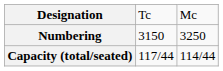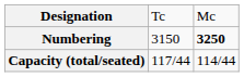 <table class="wikitable">
 <tr>
 <th>Designation</th>
 <td>Tc</td>
 <td>Mc</td>
 </tr>
 <tr>
 <th>Numbering</th>
 <td>3150</td>
-<td>3250</td>
+<td><strong>3250</strong></td>
 </tr>
 <tr>
 <th>Capacity (total/seated)</th>
 <td>117/44</td>
 <td>114/44</td>
 </tr>
 </table>
